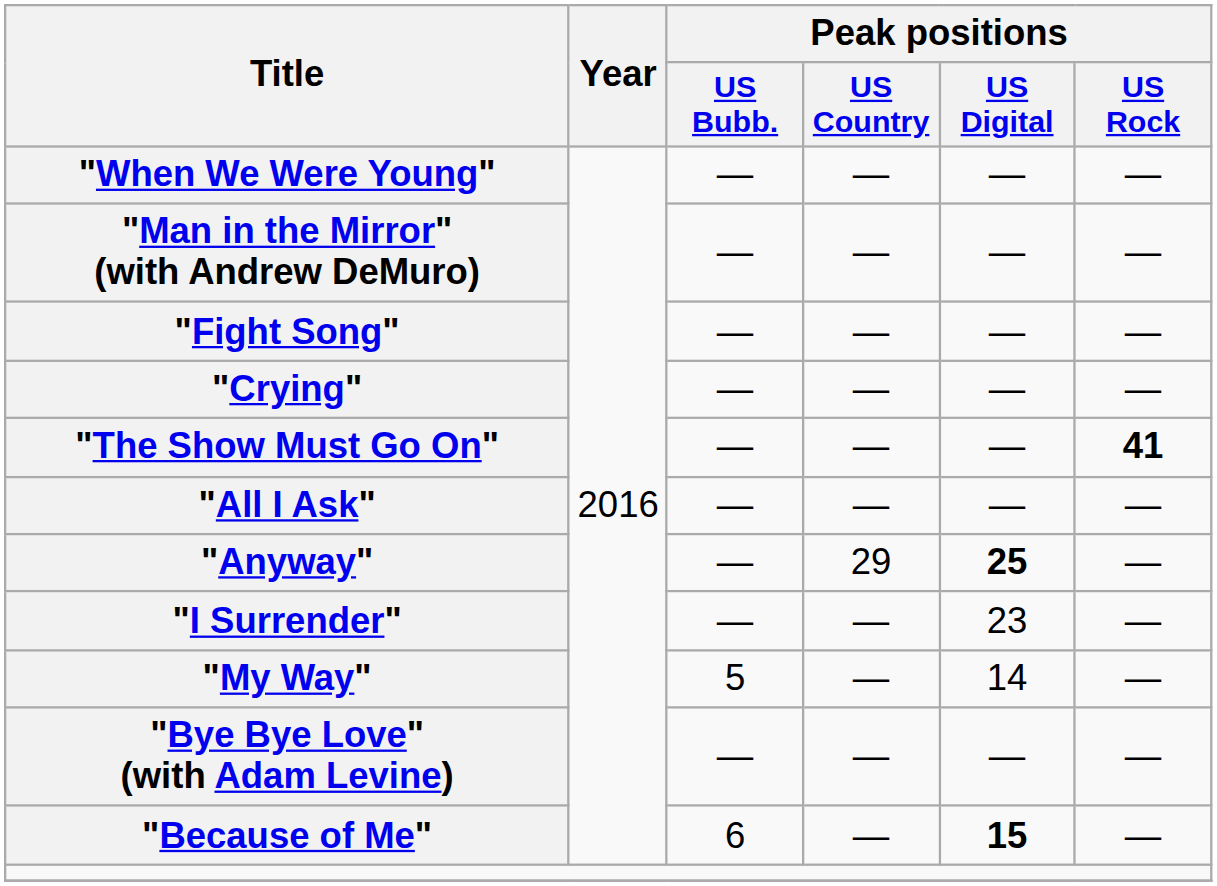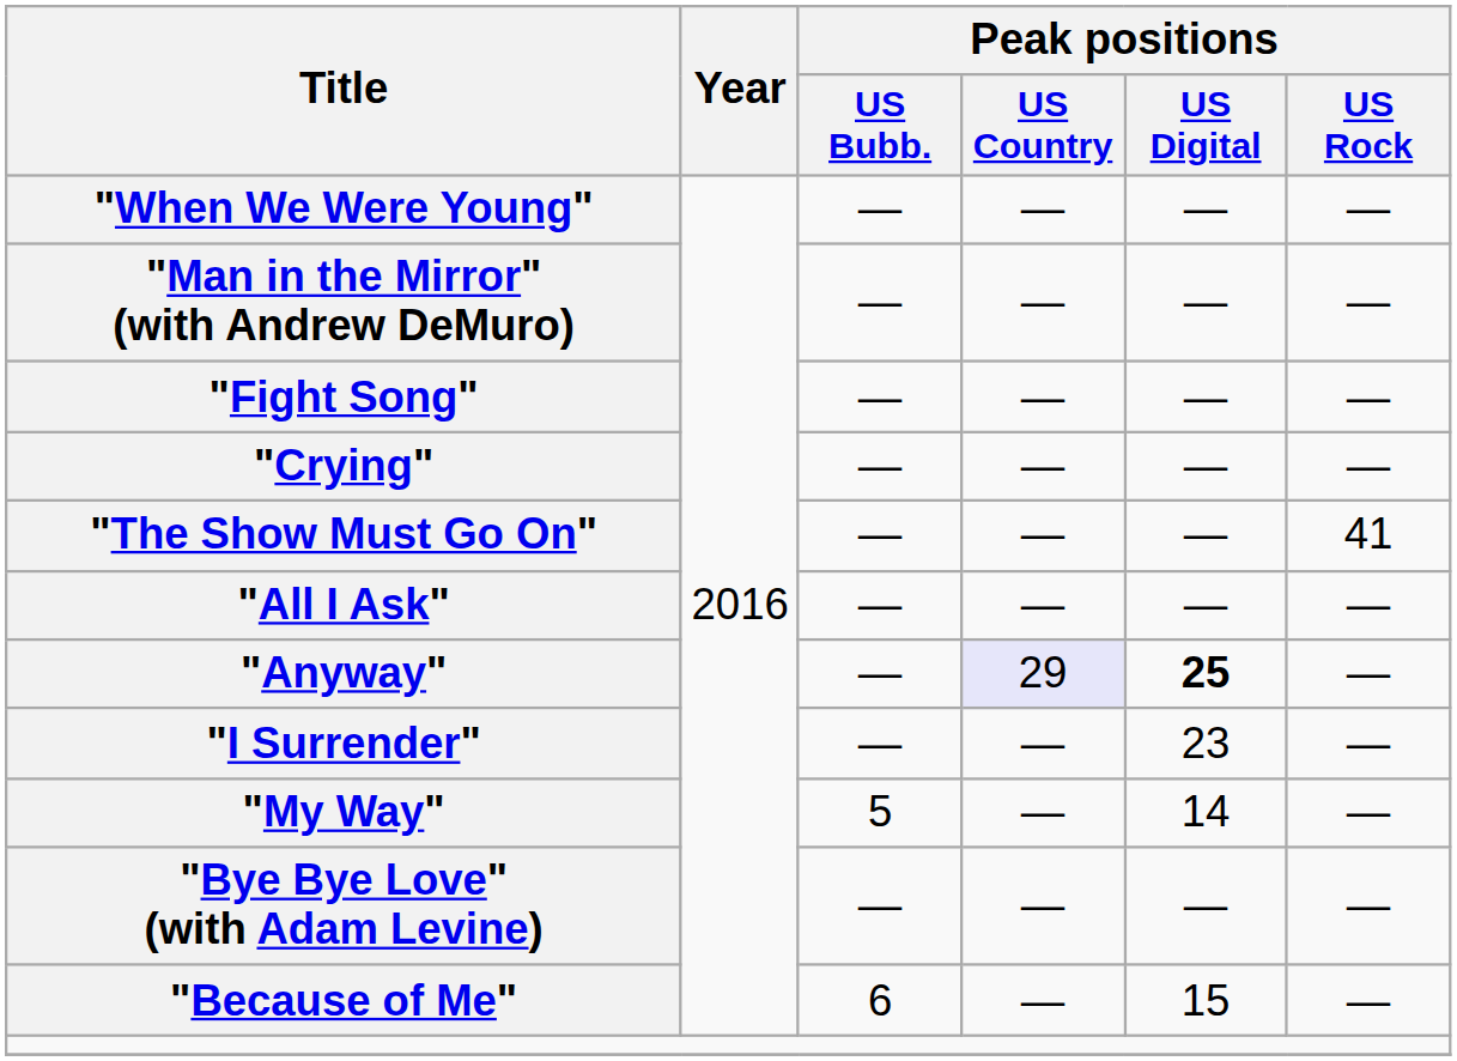 <table class="wikitable plainrowheaders" style="text-align:center;">
 <tr>
 <th rowspan="2" style="width:15em;">Title</th>
 <th rowspan="2">Year</th>
 <th colspan="4">Peak positions</th>
 </tr>
 <tr style="font-size:smaller;">
 <th style="width:4em;"><a href='#'>US Bubb.</a><br></th>
 <th style="width:4em;"><a href='#'>US Country</a><br></th>
 <th style="width:4em;"><a href='#'>US Digital</a><br></th>
 <th style="width:4em;"><a href='#'>US Rock</a><br></th>
 </tr>
 <tr>
 <th scope="row">"<a href='#'>When We Were Young</a>"</th>
 <td rowspan="11">2016</td>
 <td>—</td>
 <td>—</td>
 <td>—</td>
 <td>—</td>
 </tr>
 <tr>
 <th scope="row">"<a href='#'>Man in the Mirror</a>"<br><span>(with Andrew DeMuro)</span></th>
 <td>—</td>
 <td>—</td>
 <td>—</td>
 <td>—</td>
 </tr>
 <tr>
 <th scope="row">"<a href='#'>Fight Song</a>"</th>
 <td>—</td>
 <td>—</td>
 <td>—</td>
 <td>—</td>
 </tr>
 <tr>
 <th scope="row">"<a href='#'>Crying</a>"</th>
 <td>—</td>
 <td>—</td>
 <td>—</td>
 <td>—</td>
 </tr>
 <tr>
 <th scope="row">"<a href='#'>The Show Must Go On</a>"</th>
 <td>—</td>
 <td>—</td>
 <td>—</td>
-<td><strong>41</strong></td>
+<td>41</td>
 </tr>
 <tr>
 <th scope="row">"<a href='#'>All I Ask</a>"</th>
 <td>—</td>
 <td>—</td>
 <td>—</td>
 <td>—</td>
 </tr>
 <tr>
 <th scope="row">"<a href='#'>Anyway</a>"</th>
 <td>—</td>
-<td>29</td>
+<td style="background: lavender;">29</td>
 <td><strong>25</strong></td>
 <td>—</td>
 </tr>
 <tr>
 <th scope="row">"<a href='#'>I Surrender</a>"</th>
 <td>—</td>
 <td>—</td>
 <td>23</td>
 <td>—</td>
 </tr>
 <tr>
 <th scope="row">"<a href='#'>My Way</a>"</th>
 <td>5</td>
 <td>—</td>
 <td>14</td>
 <td>—</td>
 </tr>
 <tr>
 <th scope="row">"<a href='#'>Bye Bye Love</a>"<br><span>(with <a href='#'>Adam Levine</a>)</span></th>
 <td>—</td>
 <td>—</td>
 <td>—</td>
 <td>—</td>
 </tr>
 <tr>
 <th scope="row">"<a href='#'>Because of Me</a>"</th>
 <td>6</td>
 <td>—</td>
-<td><strong>15</strong></td>
+<td>15</td>
 <td>—</td>
 </tr>
 <tr>
 <td colspan="6"></td>
 </tr>
 <tr>
 </tr>
 </table>
